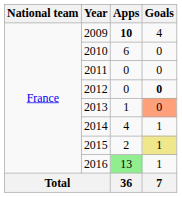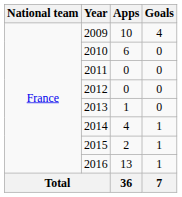 <table class="wikitable" style="text-align:center">
 <tr>
 <th>National team</th>
 <th>Year</th>
 <th>Apps</th>
 <th>Goals</th>
 </tr>
 <tr>
 <td rowspan="8"><a href='#'>France</a></td>
 <td>2009</td>
-<td><strong>10</strong></td>
+<td>10</td>
 <td>4</td>
 </tr>
 <tr>
 <td>2010</td>
 <td>6</td>
 <td>0</td>
 </tr>
 <tr>
 <td>2011</td>
 <td>0</td>
 <td>0</td>
 </tr>
 <tr>
 <td>2012</td>
 <td>0</td>
-<td><strong>0</strong></td>
+<td>0</td>
 </tr>
 <tr>
 <td>2013</td>
 <td>1</td>
-<td style="background: lightsalmon;">0</td>
+<td>0</td>
 </tr>
 <tr>
 <td>2014</td>
 <td>4</td>
 <td>1</td>
 </tr>
 <tr>
 <td>2015</td>
 <td>2</td>
-<td style="background: khaki;">1</td>
+<td>1</td>
 </tr>
 <tr>
 <td>2016</td>
-<td style="background: lightgreen;">13</td>
+<td>13</td>
 <td>1</td>
 </tr>
 <tr>
 <th colspan="2">Total</th>
 <th>36</th>
 <th>7</th>
 </tr>
 </table>
